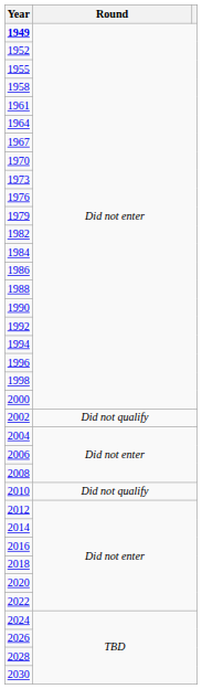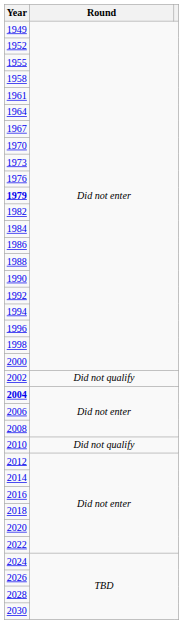 <table class="wikitable" style="text-align: center; font-size:90%">
 <tr>
 <th>Year</th>
 <th style="width:200px">Round</th>
 <th></th>
 </tr>
 <tr>
-<td><strong><a href='#'>1949</a></strong></td>
+<td><a href='#'>1949</a></td>
 <td colspan="2" rowspan="21"><em>Did not enter</em></td>
 </tr>
 <tr>
 <td><a href='#'>1952</a></td>
 </tr>
 <tr>
 <td><a href='#'>1955</a></td>
 </tr>
 <tr>
 <td><a href='#'>1958</a></td>
 </tr>
 <tr>
 <td><a href='#'>1961</a></td>
 </tr>
 <tr>
 <td><a href='#'>1964</a></td>
 </tr>
 <tr>
 <td><a href='#'>1967</a></td>
 </tr>
 <tr>
 <td><a href='#'>1970</a></td>
 </tr>
 <tr>
 <td><a href='#'>1973</a></td>
 </tr>
 <tr>
 <td><a href='#'>1976</a></td>
 </tr>
 <tr>
-<td><a href='#'>1979</a></td>
+<td><strong><a href='#'>1979</a></strong></td>
 </tr>
 <tr>
 <td><a href='#'>1982</a></td>
 </tr>
 <tr>
 <td><a href='#'>1984</a></td>
 </tr>
 <tr>
 <td><a href='#'>1986</a></td>
 </tr>
 <tr>
 <td><a href='#'>1988</a></td>
 </tr>
 <tr>
 <td><a href='#'>1990</a></td>
 </tr>
 <tr>
 <td><a href='#'>1992</a></td>
 </tr>
 <tr>
 <td><a href='#'>1994</a></td>
 </tr>
 <tr>
 <td><a href='#'>1996</a></td>
 </tr>
 <tr>
 <td><a href='#'>1998</a></td>
 </tr>
 <tr>
 <td><a href='#'>2000</a></td>
 </tr>
 <tr>
 <td><a href='#'>2002</a></td>
 <td colspan="2"><em>Did not qualify</em></td>
 </tr>
 <tr>
-<td><a href='#'>2004</a></td>
+<td><strong><a href='#'>2004</a></strong></td>
 <td colspan="2" rowspan="3"><em>Did not enter</em></td>
 </tr>
 <tr>
 <td><a href='#'>2006</a></td>
 </tr>
 <tr>
 <td><a href='#'>2008</a></td>
 </tr>
 <tr>
 <td><a href='#'>2010</a></td>
 <td colspan="2"><em>Did not qualify</em></td>
 </tr>
 <tr>
 <td><a href='#'>2012</a></td>
 <td colspan="2" rowspan="6"><em>Did not enter</em></td>
 </tr>
 <tr>
 <td><a href='#'>2014</a></td>
 </tr>
 <tr>
 <td><a href='#'>2016</a></td>
 </tr>
 <tr>
 <td><a href='#'>2018</a></td>
 </tr>
 <tr>
 <td><a href='#'>2020</a></td>
 </tr>
 <tr>
 <td><a href='#'>2022</a></td>
 </tr>
 <tr>
 <td><a href='#'>2024</a></td>
 <td colspan="2" rowspan="4"><em>TBD</em></td>
 </tr>
 <tr>
 <td><a href='#'>2026</a></td>
 </tr>
 <tr>
 <td><a href='#'>2028</a></td>
 </tr>
 <tr>
 <td><a href='#'>2030</a></td>
 </tr>
 </table>
